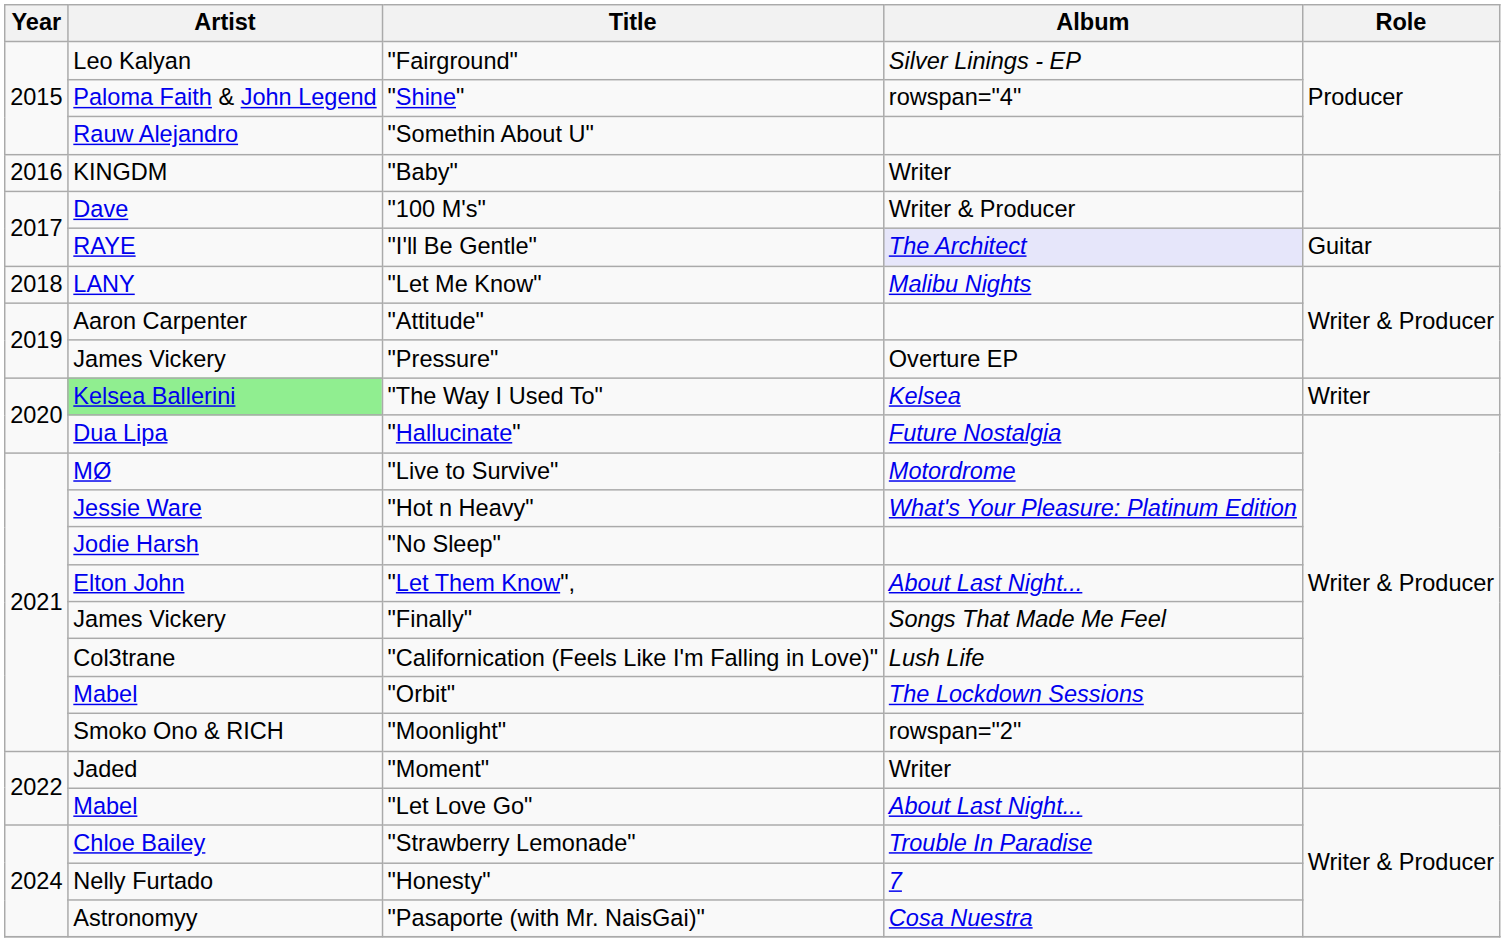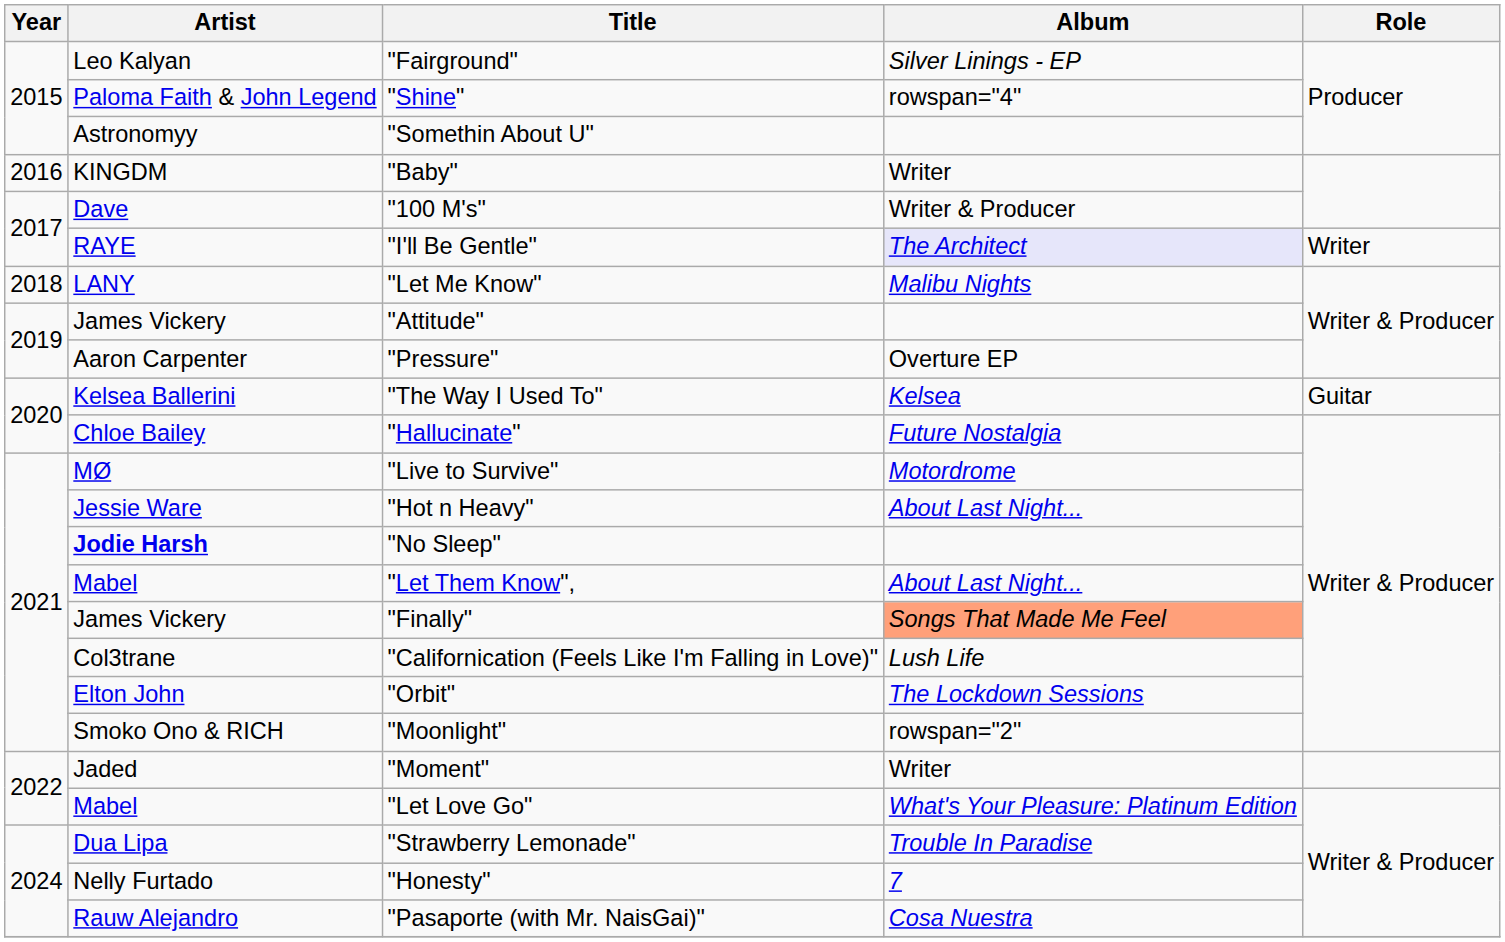 <table class="wikitable">
 <tr>
 <th scope="col">Year</th>
 <th scope="col">Artist</th>
 <th scope="col">Title</th>
 <th scope="col">Album</th>
 <th scope="col">Role</th>
 </tr>
 <tr>
 <td rowspan="3">2015</td>
 <td>Leo Kalyan</td>
 <td>"Fairground"</td>
 <td><em>Silver Linings - EP</em></td>
 <td rowspan="3">Producer</td>
 </tr>
 <tr>
 <td><a href='#'>Paloma Faith</a> & <a href='#'>John Legend</a></td>
 <td>"<a href='#'>Shine</a>"</td>
 <td>rowspan="4" </td>
 </tr>
 <tr>
-<td><a href='#'>Rauw Alejandro</a></td>
+<td>Astronomyy</td>
 <td>"Somethin About U"</td>
 </tr>
 <tr>
 <td>2016</td>
 <td>KINGDM</td>
 <td>"Baby" </td>
 <td>Writer</td>
 </tr>
 <tr>
 <td rowspan="2">2017</td>
 <td><a href='#'>Dave</a></td>
 <td>"100 M's"</td>
 <td>Writer & Producer</td>
 </tr>
 <tr>
 <td><a href='#'>RAYE</a></td>
 <td>"I'll Be Gentle"</td>
 <td style="background: lavender;"><em><a href='#'>The Architect</a></em></td>
-<td>Guitar</td>
+<td>Writer</td>
 </tr>
 <tr>
 <td>2018</td>
 <td><a href='#'>LANY</a></td>
 <td>"Let Me Know"</td>
 <td><em><a href='#'>Malibu Nights</a></em></td>
 <td rowspan="3">Writer & Producer</td>
 </tr>
 <tr>
 <td rowspan="2">2019</td>
-<td>Aaron Carpenter</td>
+<td>James Vickery</td>
 <td>"Attitude"</td>
 <td></td>
 </tr>
 <tr>
-<td>James Vickery</td>
+<td>Aaron Carpenter</td>
 <td>"Pressure"</td>
 <td>Overture EP</td>
 </tr>
 <tr>
 <td rowspan="2">2020</td>
-<td style="background: lightgreen;"><a href='#'>Kelsea Ballerini</a></td>
+<td><a href='#'>Kelsea Ballerini</a></td>
 <td>"The Way I Used To"</td>
 <td><em><a href='#'>Kelsea</a></em></td>
-<td>Writer</td>
+<td>Guitar</td>
 </tr>
 <tr>
-<td><a href='#'>Dua Lipa</a></td>
+<td><a href='#'>Chloe Bailey</a></td>
 <td>"<a href='#'>Hallucinate</a>"</td>
 <td><em><a href='#'>Future Nostalgia</a></em></td>
 <td rowspan="9">Writer & Producer</td>
 </tr>
 <tr>
 <td rowspan="8">2021</td>
 <td><a href='#'>MØ</a></td>
 <td>"Live to Survive"</td>
 <td><em><a href='#'>Motordrome</a></em></td>
 </tr>
 <tr>
 <td><a href='#'>Jessie Ware</a></td>
 <td>"Hot n Heavy"</td>
-<td><em><a href='#'>What's Your Pleasure: Platinum Edition</a></em></td>
+<td><em><a href='#'>About Last Night...</a></em></td>
 </tr>
 <tr>
-<td><a href='#'>Jodie Harsh</a></td>
+<td><strong><a href='#'>Jodie Harsh</a></strong></td>
 <td>"No Sleep"</td>
 <td></td>
 </tr>
 <tr>
-<td><a href='#'>Elton John</a></td>
+<td><a href='#'>Mabel</a></td>
 <td>"<a href='#'>Let Them Know</a>",</td>
 <td><em><a href='#'>About Last Night...</a></em></td>
 </tr>
 <tr>
 <td>James Vickery</td>
 <td>"Finally"</td>
-<td><em>Songs That Made Me Feel</em></td>
+<td style="background: lightsalmon;"><em>Songs That Made Me Feel</em></td>
 </tr>
 <tr>
 <td>Col3trane</td>
 <td>"Californication (Feels Like I'm Falling in Love)"</td>
 <td><em>Lush Life</em></td>
 </tr>
 <tr>
-<td><a href='#'>Mabel</a></td>
+<td><a href='#'>Elton John</a></td>
 <td>"Orbit"</td>
 <td><em><a href='#'>The Lockdown Sessions</a></em></td>
 </tr>
 <tr>
 <td>Smoko Ono & RICH</td>
 <td>"Moonlight"</td>
 <td>rowspan="2" </td>
 </tr>
 <tr>
 <td rowspan="2">2022</td>
 <td>Jaded</td>
 <td>"Moment" </td>
 <td>Writer</td>
 </tr>
 <tr>
 <td><a href='#'>Mabel</a></td>
 <td>"Let Love Go" </td>
-<td><em><a href='#'>About Last Night...</a></em></td>
+<td><em><a href='#'>What's Your Pleasure: Platinum Edition</a></em></td>
 <td rowspan="4">Writer & Producer</td>
 </tr>
 <tr>
 <td rowspan="3">2024</td>
-<td><a href='#'>Chloe Bailey</a></td>
+<td><a href='#'>Dua Lipa</a></td>
 <td>"Strawberry Lemonade"</td>
 <td><em><a href='#'>Trouble In Paradise</a></em></td>
 </tr>
 <tr>
 <td>Nelly Furtado</td>
 <td>"Honesty"</td>
 <td><em><a href='#'>7</a></em></td>
 </tr>
 <tr>
-<td>Astronomyy</td>
+<td><a href='#'>Rauw Alejandro</a></td>
 <td>"Pasaporte (with Mr. NaisGai)"</td>
 <td><em><a href='#'>Cosa Nuestra</a></em></td>
 </tr>
 <tr>
 </tr>
 </table>
